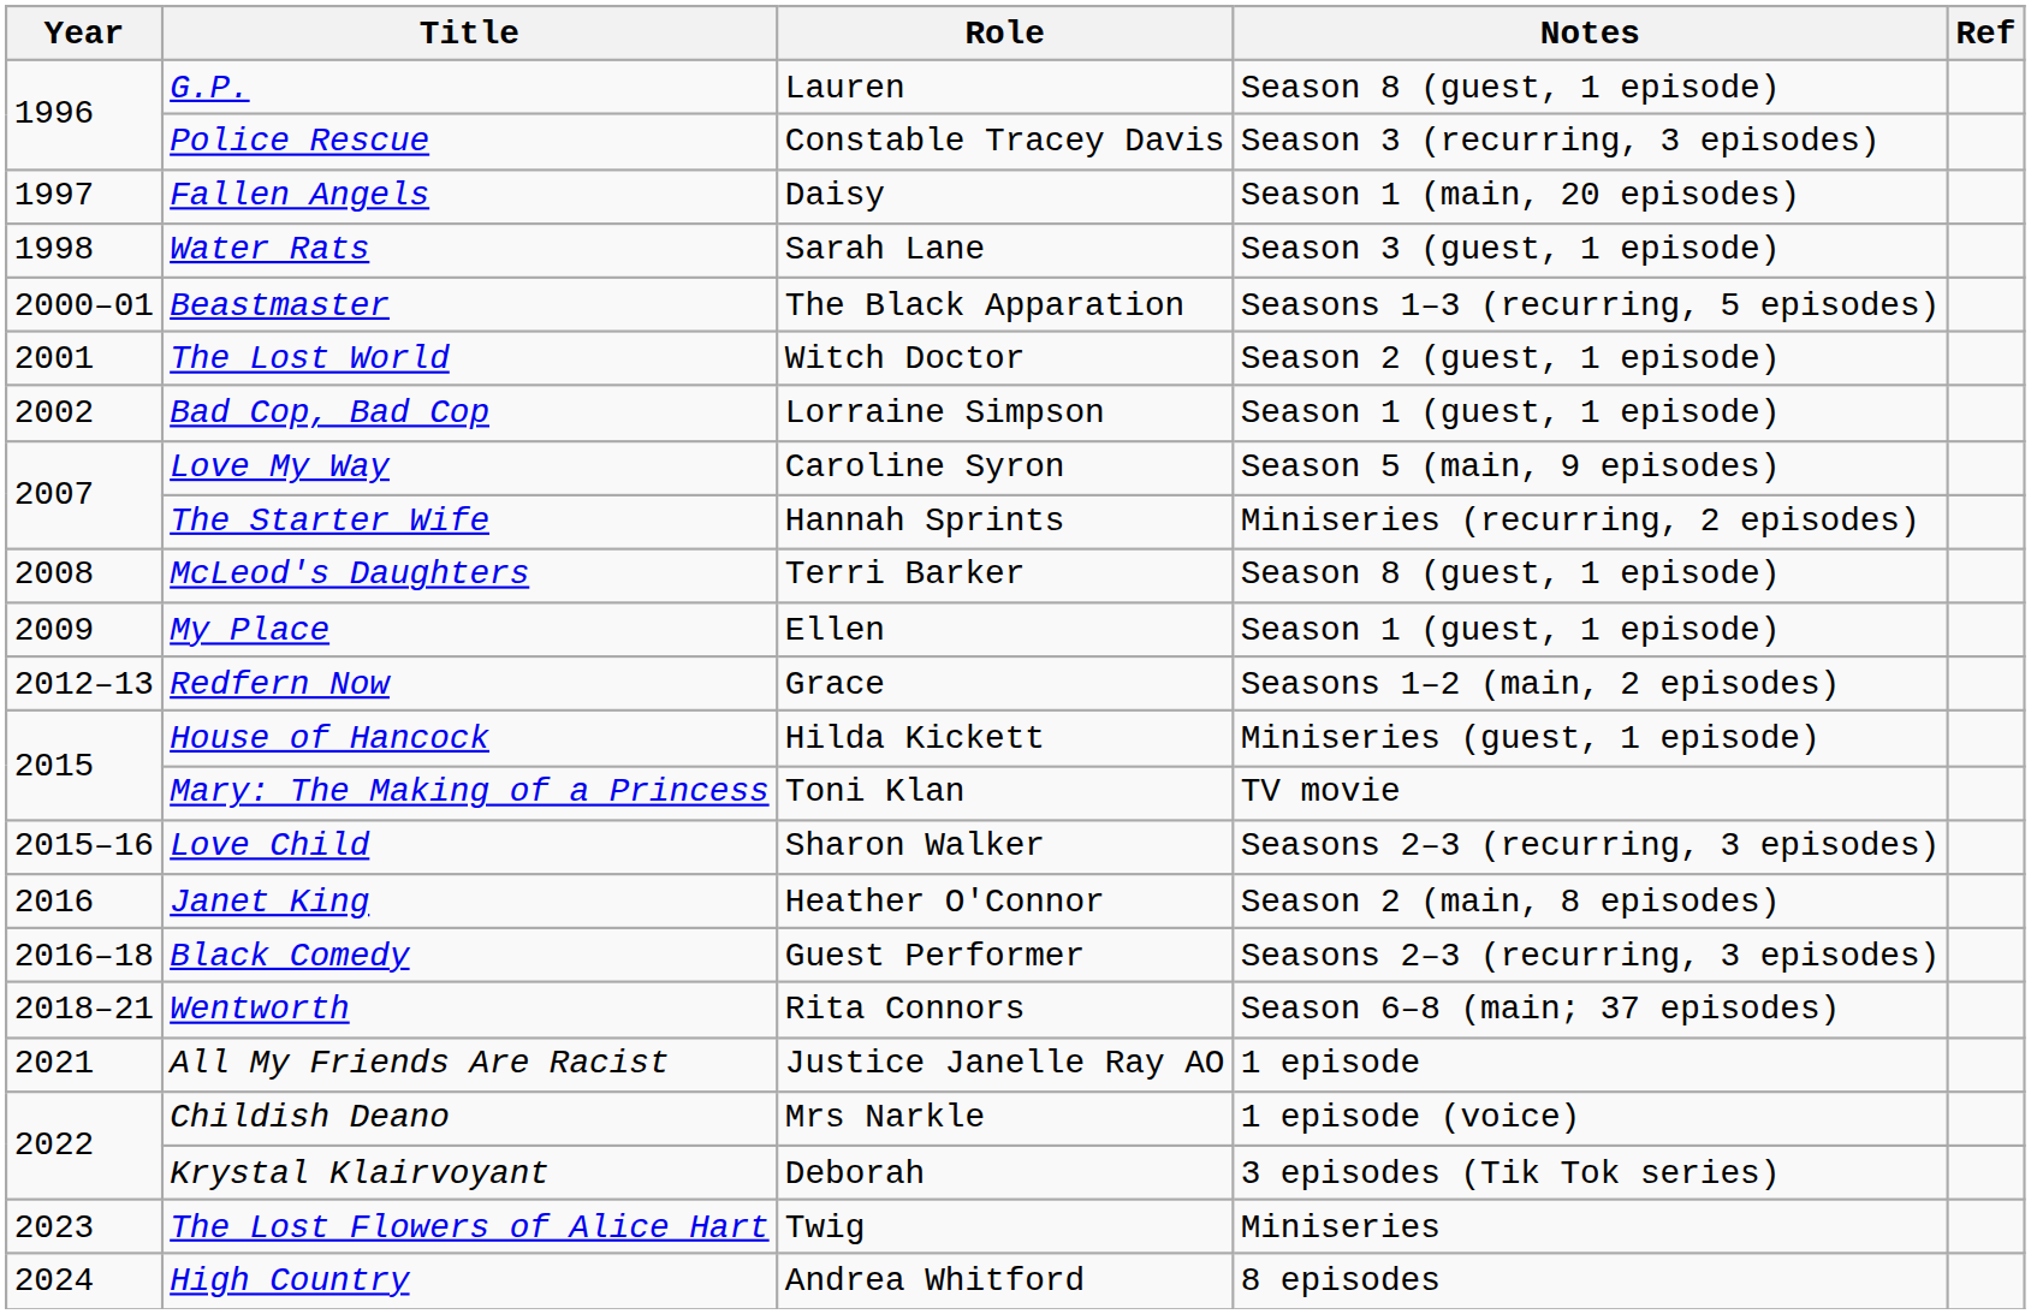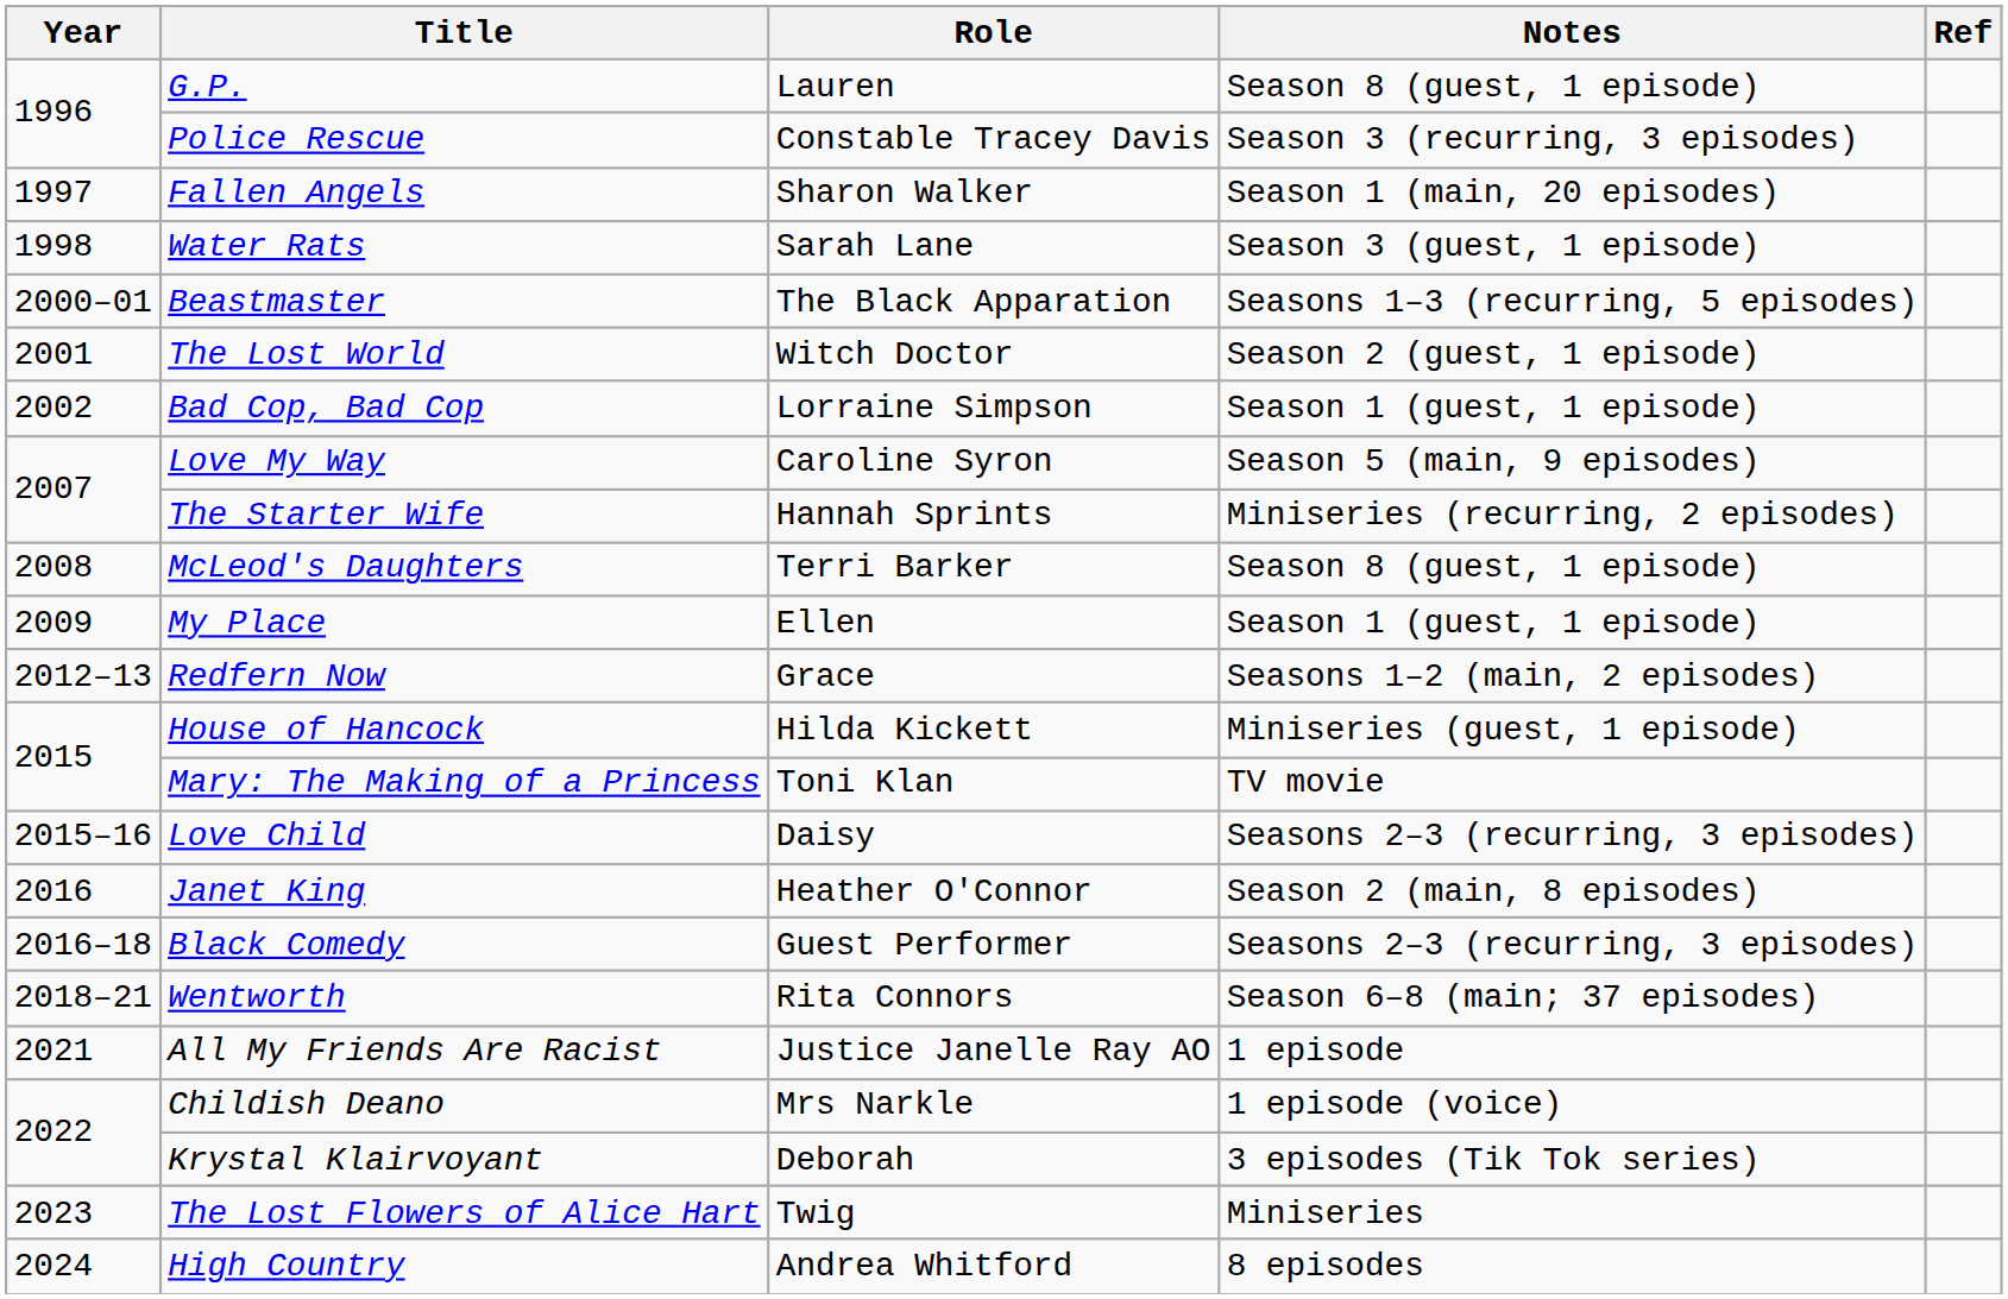 <table class="wikitable sortable">
 <tr>
 <th>Year</th>
 <th>Title</th>
 <th>Role</th>
 <th class="unsortable">Notes</th>
 <th>Ref</th>
 </tr>
 <tr>
 <td rowspan="2">1996</td>
 <td><em><a href='#'>G.P.</a></em></td>
 <td>Lauren</td>
 <td>Season 8 (guest, 1 episode)</td>
 <td></td>
 </tr>
 <tr>
 <td><em><a href='#'>Police Rescue</a></em></td>
 <td>Constable Tracey Davis</td>
 <td>Season 3 (recurring, 3 episodes)</td>
 <td></td>
 </tr>
 <tr>
 <td>1997</td>
 <td><em><a href='#'>Fallen Angels</a></em></td>
-<td>Daisy</td>
+<td>Sharon Walker</td>
 <td>Season 1 (main, 20 episodes)</td>
 <td></td>
 </tr>
 <tr>
 <td>1998</td>
 <td><em><a href='#'>Water Rats</a></em></td>
 <td>Sarah Lane</td>
 <td>Season 3 (guest, 1 episode)</td>
 <td></td>
 </tr>
 <tr>
 <td>2000–01</td>
 <td><em><a href='#'>Beastmaster</a></em></td>
 <td>The Black Apparation</td>
 <td>Seasons 1–3 (recurring, 5 episodes)</td>
 <td></td>
 </tr>
 <tr>
 <td>2001</td>
 <td><em><a href='#'>The Lost World</a></em></td>
 <td>Witch Doctor</td>
 <td>Season 2 (guest, 1 episode)</td>
 <td></td>
 </tr>
 <tr>
 <td>2002</td>
 <td><em><a href='#'>Bad Cop, Bad Cop</a></em></td>
 <td>Lorraine Simpson</td>
 <td>Season 1 (guest, 1 episode)</td>
 <td></td>
 </tr>
 <tr>
 <td rowspan="2">2007</td>
 <td><em><a href='#'>Love My Way</a></em></td>
 <td>Caroline Syron</td>
 <td>Season 5 (main, 9 episodes)</td>
 <td></td>
 </tr>
 <tr>
 <td><em><a href='#'>The Starter Wife</a></em></td>
 <td>Hannah Sprints</td>
 <td>Miniseries (recurring, 2 episodes)</td>
 <td></td>
 </tr>
 <tr>
 <td>2008</td>
 <td><em><a href='#'>McLeod's Daughters</a></em></td>
 <td>Terri Barker</td>
 <td>Season 8 (guest, 1 episode)</td>
 <td></td>
 </tr>
 <tr>
 <td>2009</td>
 <td><em><a href='#'>My Place</a></em></td>
 <td>Ellen</td>
 <td>Season 1 (guest, 1 episode)</td>
 <td></td>
 </tr>
 <tr>
 <td>2012–13</td>
 <td><em><a href='#'>Redfern Now</a></em></td>
 <td>Grace</td>
 <td>Seasons 1–2 (main, 2 episodes)</td>
 <td></td>
 </tr>
 <tr>
 <td rowspan="2">2015</td>
 <td><em><a href='#'>House of Hancock</a></em></td>
 <td>Hilda Kickett</td>
 <td>Miniseries (guest, 1 episode)</td>
 <td></td>
 </tr>
 <tr>
 <td><em><a href='#'>Mary: The Making of a Princess</a></em></td>
 <td>Toni Klan</td>
 <td>TV movie</td>
 <td></td>
 </tr>
 <tr>
 <td>2015–16</td>
 <td><em><a href='#'>Love Child</a></em></td>
-<td>Sharon Walker</td>
+<td>Daisy</td>
 <td>Seasons 2–3 (recurring, 3 episodes)</td>
 <td></td>
 </tr>
 <tr>
 <td>2016</td>
 <td><em><a href='#'>Janet King</a></em></td>
 <td>Heather O'Connor</td>
 <td>Season 2 (main, 8 episodes)</td>
 <td></td>
 </tr>
 <tr>
 <td>2016–18</td>
 <td><em><a href='#'>Black Comedy</a></em></td>
 <td>Guest Performer</td>
 <td>Seasons 2–3 (recurring, 3 episodes)</td>
 <td></td>
 </tr>
 <tr>
 <td>2018–21</td>
 <td><em><a href='#'>Wentworth</a></em></td>
 <td>Rita Connors</td>
 <td>Season 6–8 (main; 37 episodes)</td>
 <td></td>
 </tr>
 <tr>
 <td>2021</td>
 <td><em>All My Friends Are Racist</em></td>
 <td>Justice Janelle Ray AO</td>
 <td>1 episode</td>
 <td></td>
 </tr>
 <tr>
 <td rowspan="2">2022</td>
 <td><em>Childish Deano</em></td>
 <td>Mrs Narkle</td>
 <td>1 episode (voice)</td>
 <td></td>
 </tr>
 <tr>
 <td><em>Krystal Klairvoyant</em></td>
 <td>Deborah</td>
 <td>3 episodes (Tik Tok series)</td>
 <td></td>
 </tr>
 <tr>
 <td>2023</td>
 <td><em><a href='#'>The Lost Flowers of Alice Hart</a></em></td>
 <td>Twig</td>
 <td>Miniseries</td>
 <td></td>
 </tr>
 <tr>
 <td>2024</td>
 <td><em><a href='#'>High Country</a></em></td>
 <td>Andrea Whitford</td>
 <td>8 episodes</td>
 <td></td>
 </tr>
 </table>
